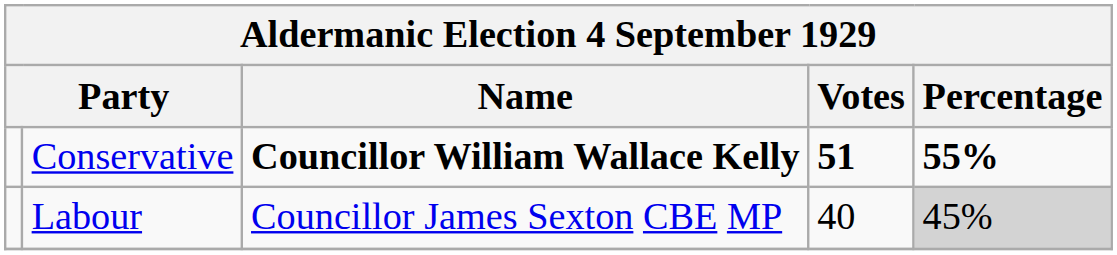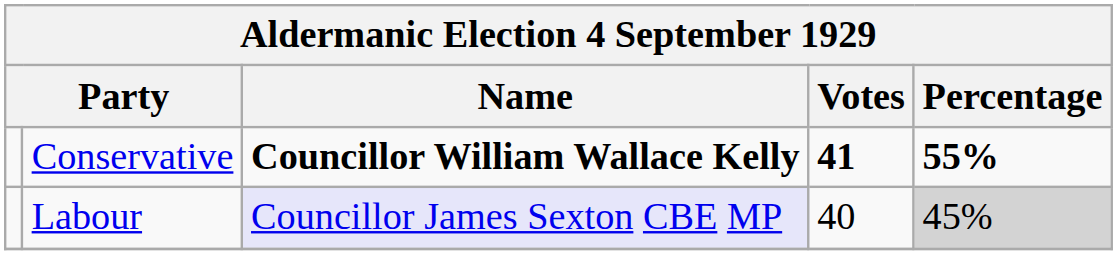 <table class="wikitable">
 <tr>
 <th colspan="5"><strong>Aldermanic Election 4 September 1929</strong></th>
 </tr>
 <tr>
 <th colspan="2">Party</th>
 <th>Name</th>
 <th>Votes</th>
 <th>Percentage</th>
 </tr>
 <tr>
 <td style="background-color:"></td>
 <td><a href='#'>Conservative</a></td>
 <td><strong>Councillor William Wallace Kelly</strong></td>
-<td><strong>51</strong></td>
+<td><strong>41</strong></td>
 <td><strong>55%</strong></td>
 </tr>
 <tr>
 <td style="background-color:"></td>
 <td><a href='#'>Labour</a></td>
-<td><a href='#'>Councillor James Sexton</a> <a href='#'>CBE</a> <a href='#'>MP</a></td>
+<td style="background: lavender;"><a href='#'>Councillor James Sexton</a> <a href='#'>CBE</a> <a href='#'>MP</a></td>
 <td>40</td>
 <td style="background: lightgrey;">45%</td>
 </tr>
 <tr>
 </tr>
 </table>
